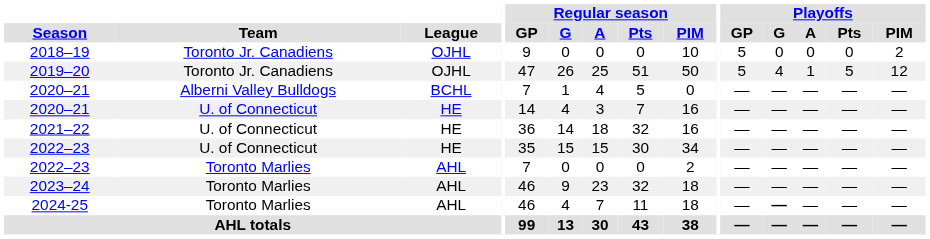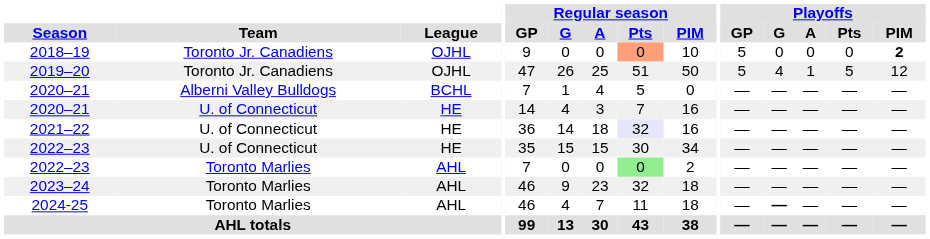 <table border="0" cellpadding="1" cellspacing="0" style="text-align:center; width:60em;">
 <tr bgcolor="e0e0e0">
 <th colspan="3" bgcolor="ffffff"></th>
 <th rowspan="101" bgcolor="ffffff"></th>
 <th colspan="5"><a href='#'>Regular season</a></th>
 <th rowspan="101" bgcolor="ffffff"></th>
 <th colspan="5"><a href='#'>Playoffs</a></th>
 </tr>
 <tr bgcolor="e0e0e0">
 <th><a href='#'>Season</a></th>
 <th>Team</th>
 <th>League</th>
 <th>GP</th>
 <th><a href='#'>G</a></th>
 <th><a href='#'>A</a></th>
 <th><a href='#'>Pts</a></th>
 <th><a href='#'>PIM</a></th>
 <th>GP</th>
 <th>G</th>
 <th>A</th>
 <th>Pts</th>
 <th>PIM</th>
 </tr>
 <tr>
 <td><a href='#'>2018–19</a></td>
 <td><a href='#'>Toronto Jr. Canadiens</a></td>
 <td><a href='#'>OJHL</a></td>
 <td>9</td>
 <td>0</td>
 <td>0</td>
-<td>0</td>
+<td style="background: lightsalmon;">0</td>
 <td>10</td>
 <td>5</td>
 <td>0</td>
 <td>0</td>
 <td>0</td>
-<td>2</td>
+<td><strong>2</strong></td>
 </tr>
 <tr bgcolor="f0f0f0">
 <td><a href='#'>2019–20</a></td>
 <td>Toronto Jr. Canadiens</td>
 <td>OJHL</td>
 <td>47</td>
 <td>26</td>
 <td>25</td>
 <td>51</td>
 <td>50</td>
 <td>5</td>
 <td>4</td>
 <td>1</td>
 <td>5</td>
 <td>12</td>
 </tr>
 <tr>
 <td><a href='#'>2020–21</a></td>
 <td><a href='#'>Alberni Valley Bulldogs</a></td>
 <td><a href='#'>BCHL</a></td>
 <td>7</td>
 <td>1</td>
 <td>4</td>
 <td>5</td>
 <td>0</td>
 <td>—</td>
 <td>—</td>
 <td>—</td>
 <td>—</td>
 <td>—</td>
 </tr>
 <tr bgcolor="f0f0f0">
 <td><a href='#'>2020–21</a></td>
 <td><a href='#'>U. of Connecticut</a></td>
 <td><a href='#'>HE</a></td>
 <td>14</td>
 <td>4</td>
 <td>3</td>
 <td>7</td>
 <td>16</td>
 <td>—</td>
 <td>—</td>
 <td>—</td>
 <td>—</td>
 <td>—</td>
 </tr>
 <tr>
 <td><a href='#'>2021–22</a></td>
 <td>U. of Connecticut</td>
 <td>HE</td>
 <td>36</td>
 <td>14</td>
 <td>18</td>
-<td>32</td>
+<td style="background: lavender;">32</td>
 <td>16</td>
 <td>—</td>
 <td>—</td>
 <td>—</td>
 <td>—</td>
 <td>—</td>
 </tr>
 <tr bgcolor="f0f0f0">
 <td><a href='#'>2022–23</a></td>
 <td>U. of Connecticut</td>
 <td>HE</td>
 <td>35</td>
 <td>15</td>
 <td>15</td>
 <td>30</td>
 <td>34</td>
 <td>—</td>
 <td>—</td>
 <td>—</td>
 <td>—</td>
 <td>—</td>
 </tr>
 <tr>
 <td><a href='#'>2022–23</a></td>
 <td><a href='#'>Toronto Marlies</a></td>
 <td><a href='#'>AHL</a></td>
 <td>7</td>
 <td>0</td>
 <td>0</td>
-<td>0</td>
+<td style="background: lightgreen;">0</td>
 <td>2</td>
 <td>—</td>
 <td>—</td>
 <td>—</td>
 <td>—</td>
 <td>—</td>
 </tr>
 <tr bgcolor="f0f0f0">
 <td><a href='#'>2023–24</a></td>
 <td>Toronto Marlies</td>
 <td>AHL</td>
 <td>46</td>
 <td>9</td>
 <td>23</td>
 <td>32</td>
 <td>18</td>
 <td>—</td>
 <td>—</td>
 <td>—</td>
 <td>—</td>
 <td>—</td>
 </tr>
 <tr>
 <td><a href='#'>2024-25</a></td>
 <td>Toronto Marlies</td>
 <td>AHL</td>
 <td>46</td>
 <td>4</td>
 <td>7</td>
 <td>11</td>
 <td>18</td>
 <td>—</td>
 <th>—</th>
 <td>—</td>
 <td>—</td>
 <td>—</td>
 </tr>
 <tr bgcolor="e0e0e0">
 <th colspan="3">AHL totals</th>
 <th>99</th>
 <th>13</th>
 <th>30</th>
 <th>43</th>
 <th>38</th>
 <th>—</th>
 <th>—</th>
 <th>—</th>
 <th>—</th>
 <th>—</th>
 </tr>
 </table>
